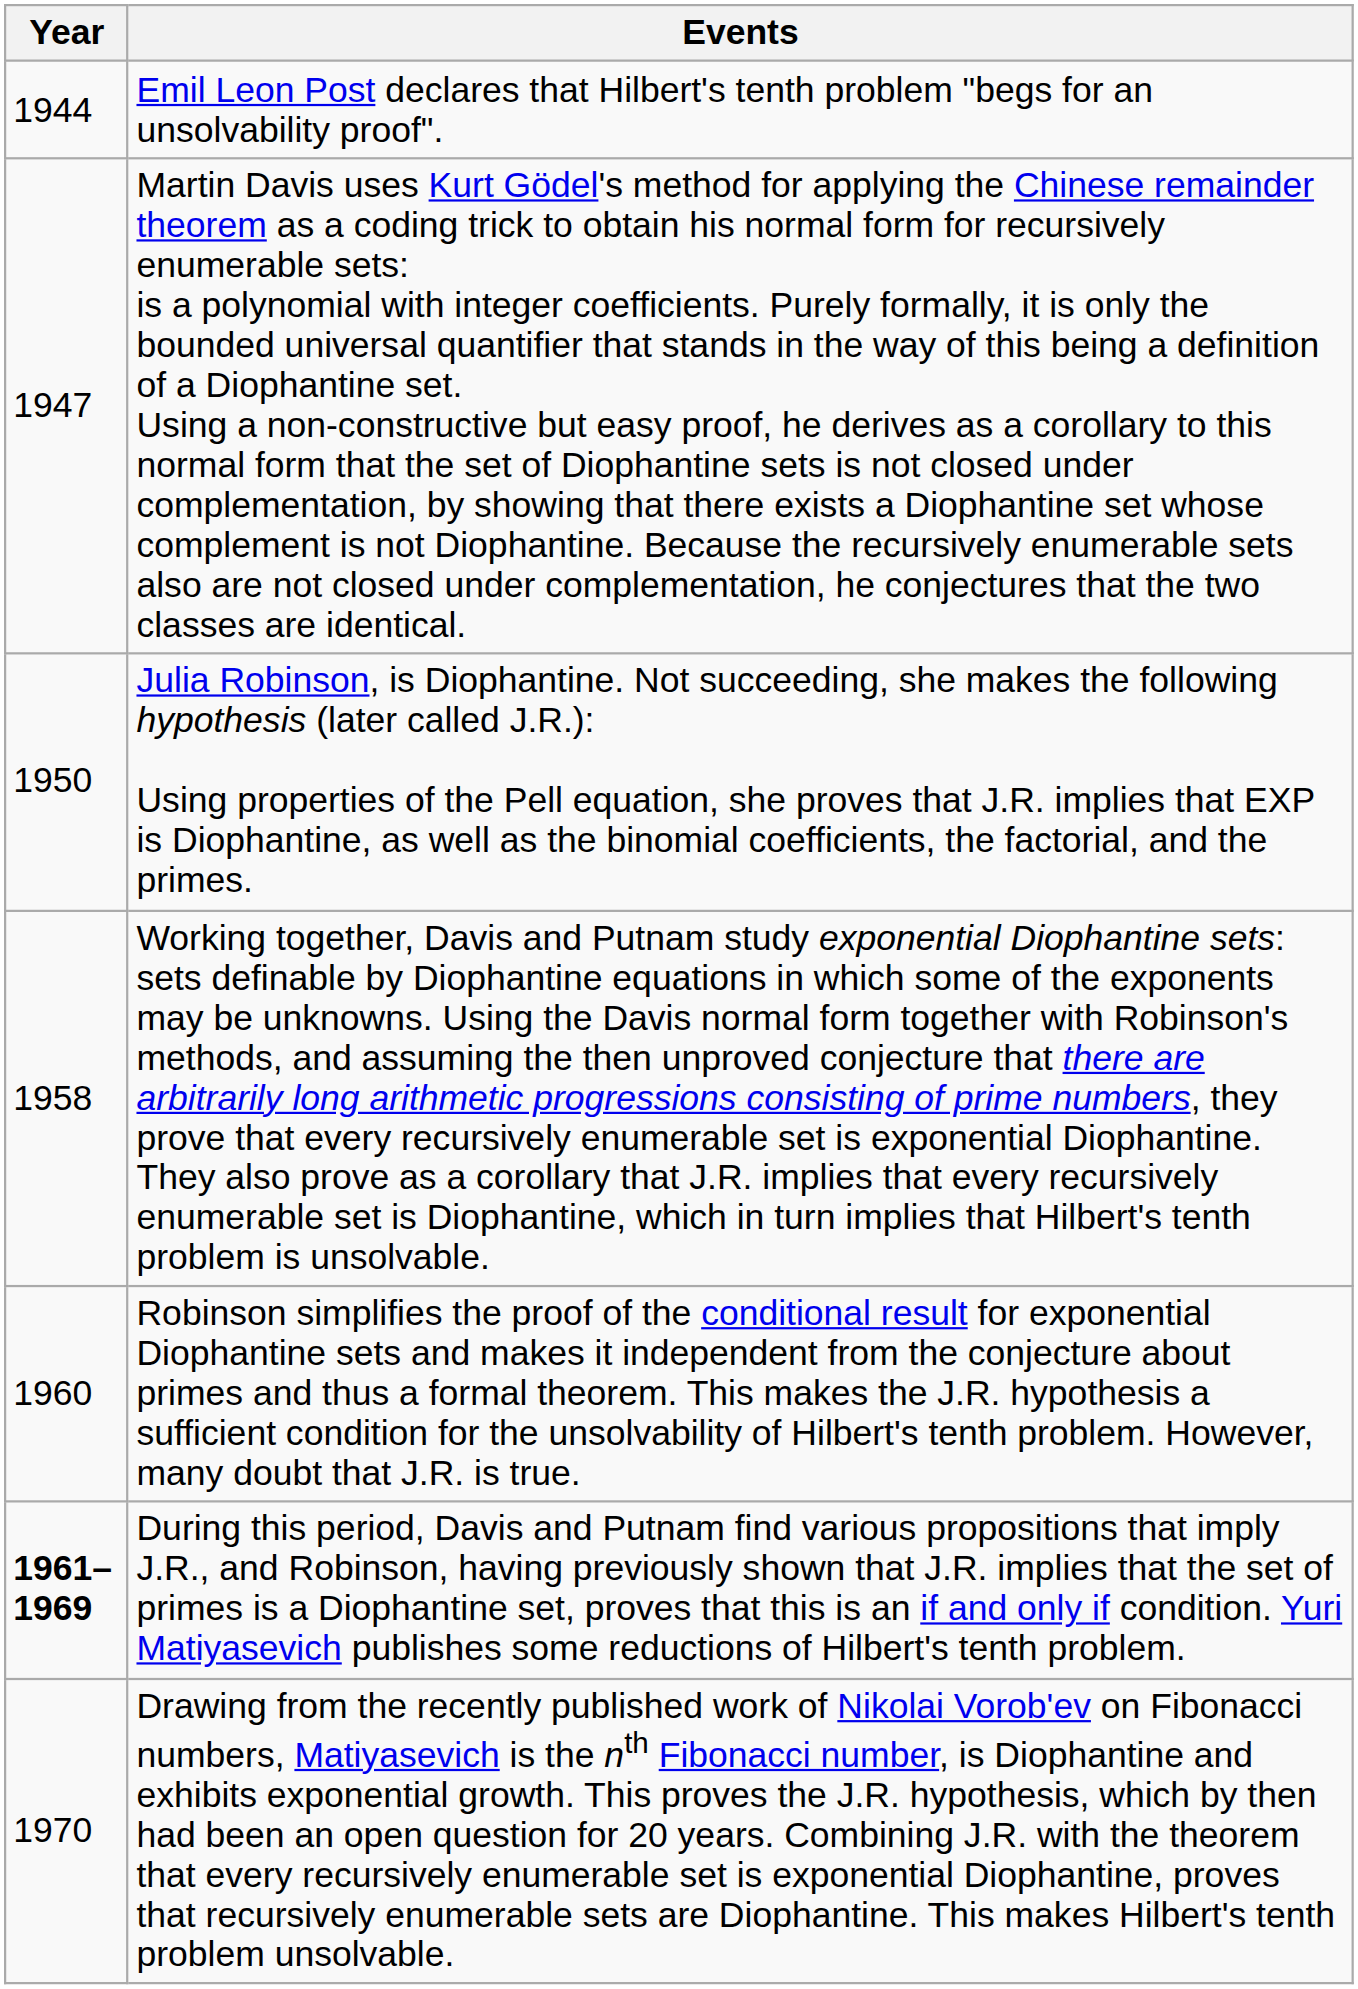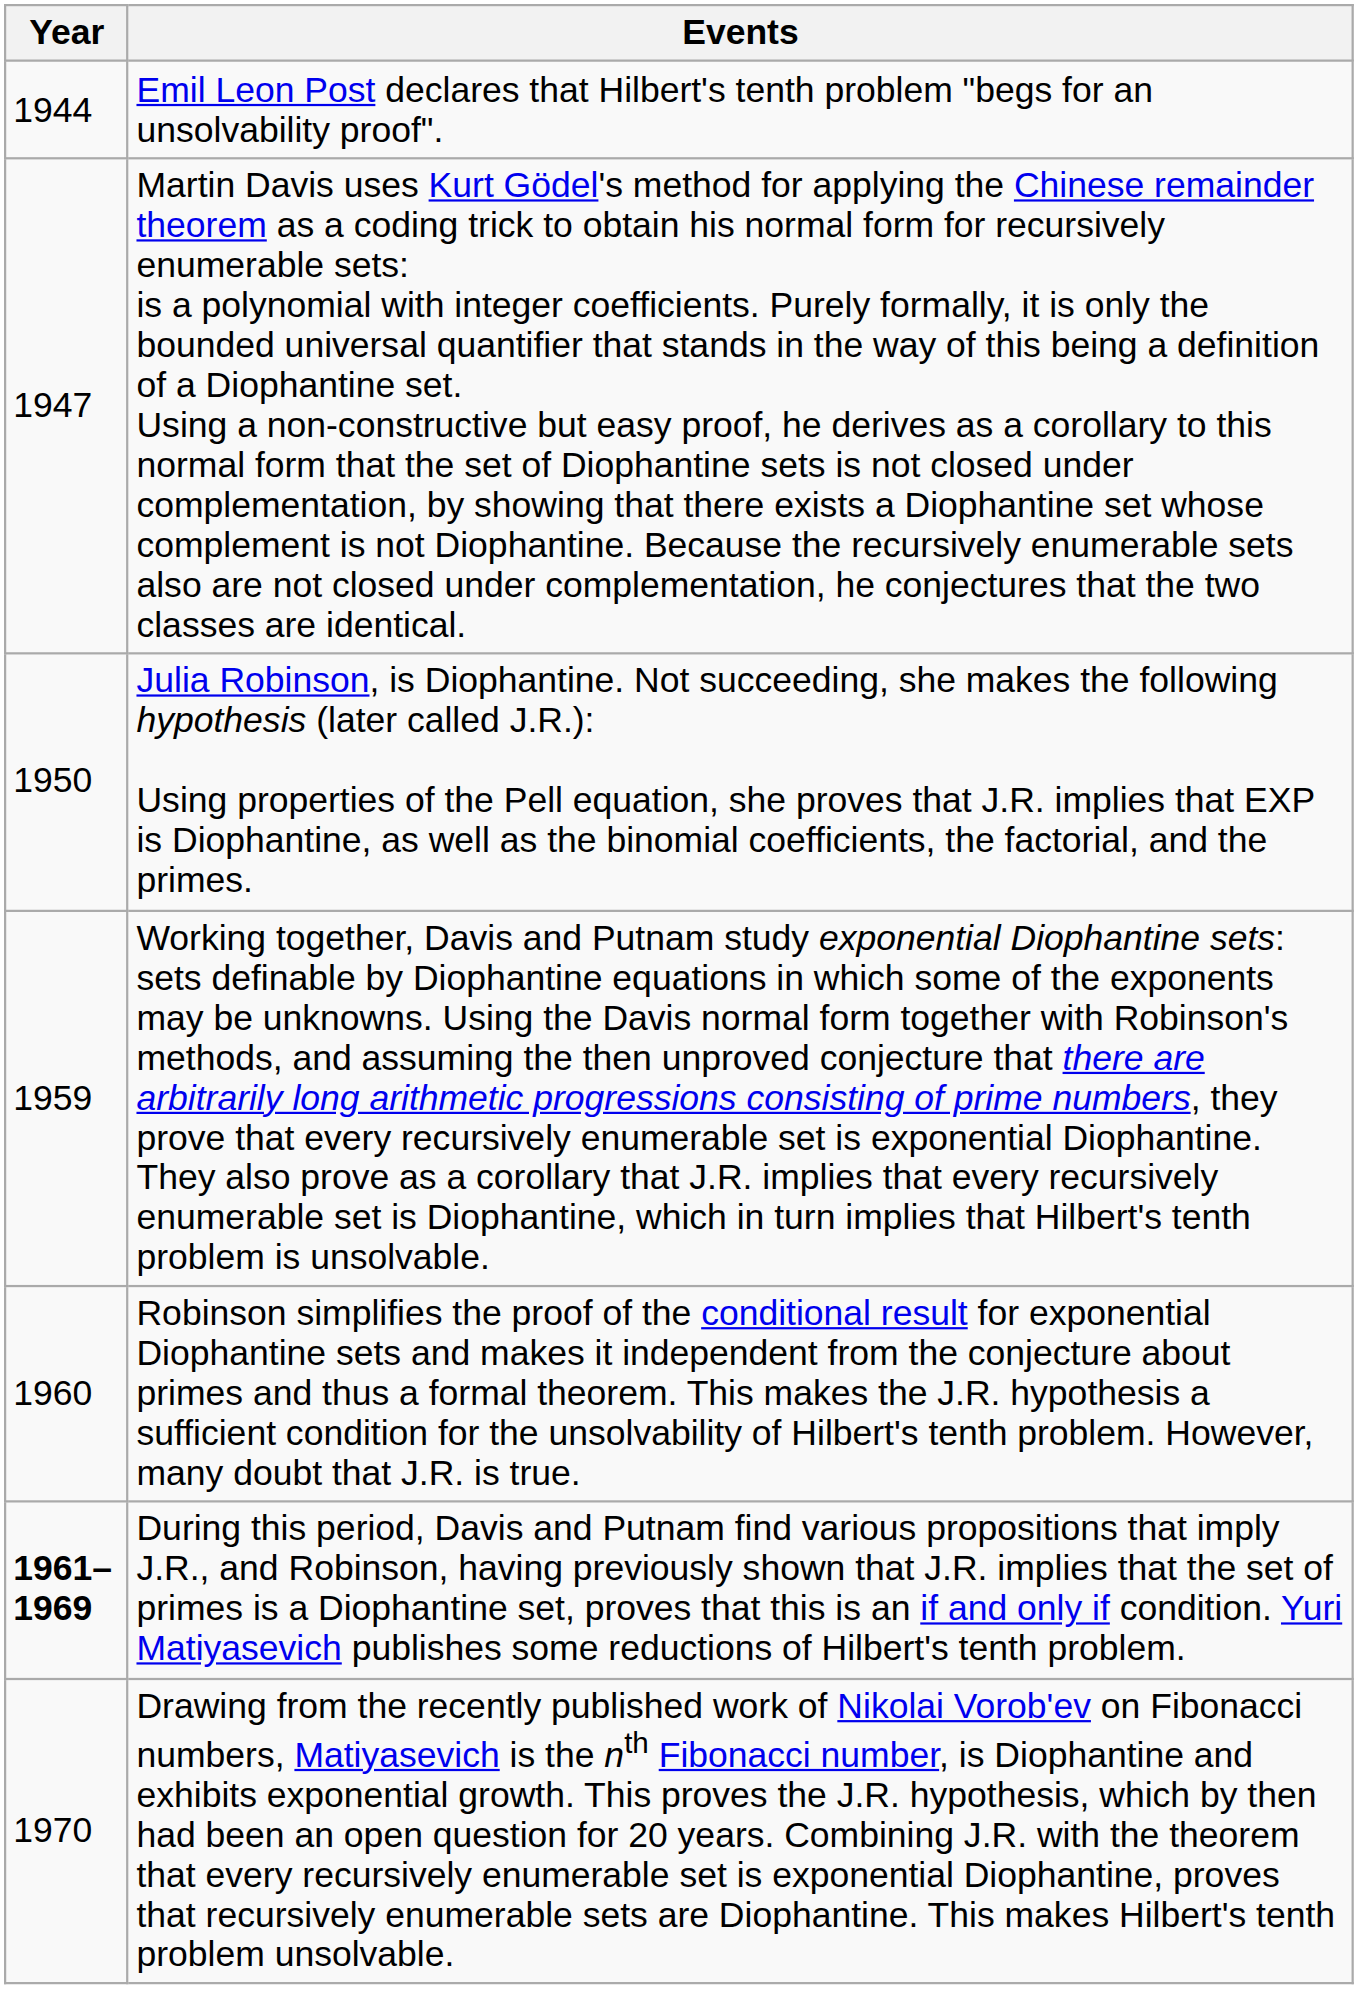 <table class="wikitable">
 <tr>
 <th>Year</th>
 <th>Events</th>
 </tr>
 <tr>
 <td>1944</td>
 <td><a href='#'>Emil Leon Post</a> declares that Hilbert's tenth problem "begs for an unsolvability proof".</td>
 </tr>
 <tr>
 <td>1947</td>
 <td>Martin Davis uses <a href='#'>Kurt Gödel</a>'s method for applying the <a href='#'>Chinese remainder theorem</a> as a coding trick to obtain his normal form for recursively enumerable sets:<br> is a polynomial with integer coefficients. Purely formally, it is only the bounded universal quantifier that stands in the way of this being a definition of a Diophantine set.<br>Using a non-constructive but easy proof, he derives as a corollary to this normal form that the set of Diophantine sets is not closed under complementation, by showing that there exists a Diophantine set whose complement is not Diophantine. Because the recursively enumerable sets also are not closed under complementation, he conjectures that the two classes are identical.</td>
 </tr>
 <tr>
 <td>1950</td>
 <td><a href='#'>Julia Robinson</a>, is Diophantine. Not succeeding, she makes the following <em>hypothesis</em> (later called J.R.):<br><br>Using properties of the Pell equation, she proves that J.R. implies that EXP is Diophantine, as well as the binomial coefficients, the factorial, and the primes.</td>
 </tr>
 <tr>
-<td>1958</td>
+<td>1959</td>
 <td>Working together, Davis and Putnam study <em>exponential Diophantine sets</em>: sets definable by Diophantine equations in which some of the exponents may be unknowns. Using the Davis normal form together with Robinson's methods, and assuming the then unproved conjecture that <em><a href='#'>there are arbitrarily long arithmetic progressions consisting of prime numbers</a></em>, they prove that every recursively enumerable set is exponential Diophantine. They also prove as a corollary that J.R. implies that every recursively enumerable set is Diophantine, which in turn implies that Hilbert's tenth problem is unsolvable.</td>
 </tr>
 <tr>
 <td>1960</td>
 <td>Robinson simplifies the proof of the <a href='#'>conditional result</a> for exponential Diophantine sets and makes it independent from the conjecture about primes and thus a formal theorem. This makes the J.R. hypothesis a sufficient condition for the unsolvability of Hilbert's tenth problem. However, many doubt that J.R. is true.</td>
 </tr>
 <tr>
 <td><strong>1961–1969</strong></td>
 <td>During this period, Davis and Putnam find various propositions that imply J.R., and Robinson, having previously shown that J.R. implies that the set of primes is a Diophantine set, proves that this is an <a href='#'>if and only if</a> condition. <a href='#'>Yuri Matiyasevich</a> publishes some reductions of Hilbert's tenth problem.</td>
 </tr>
 <tr>
 <td>1970</td>
 <td>Drawing from the recently published work of <a href='#'>Nikolai Vorob'ev</a> on Fibonacci numbers, <a href='#'>Matiyasevich</a> is the <em>n</em><sup>th</sup> <a href='#'>Fibonacci number</a>, is Diophantine and exhibits exponential growth. This proves the J.R. hypothesis, which by then had been an open question for 20 years. Combining J.R. with the theorem that every recursively enumerable set is exponential Diophantine, proves that recursively enumerable sets are Diophantine. This makes Hilbert's tenth problem unsolvable.</td>
 </tr>
 </table>
